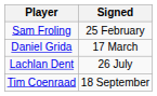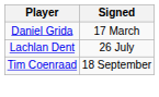 <table class="wikitable sortable sortable" style="text-align: center">
 <tr>
 <th>Player</th>
 <th>Signed</th>
-</tr>
-<tr>
-<td><a href='#'>Sam Froling</a></td>
-<td>25 February</td>
 </tr>
 <tr>
 <td><a href='#'>Daniel Grida</a></td>
 <td>17 March</td>
 </tr>
 <tr>
 <td><a href='#'>Lachlan Dent</a></td>
 <td>26 July</td>
 </tr>
 <tr>
 <td><a href='#'>Tim Coenraad</a></td>
 <td>18 September</td>
 </tr>
 </table>
